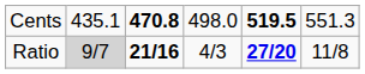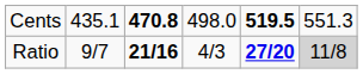 <table class="wikitable" style="text-align:center;">
 <tr>
 <td>Cents</td>
 <td>435.1</td>
 <td><strong>470.8</strong></td>
 <td>498.0</td>
 <td><strong>519.5</strong></td>
 <td>551.3</td>
 </tr>
 <tr>
 <td>Ratio</td>
-<td style="background: lightgrey;">9/7</td>
+<td>9/7</td>
 <td><strong>21/16</strong></td>
 <td>4/3</td>
 <td><strong><a href='#'>27/20</a></strong></td>
-<td>11/8</td>
+<td style="background: lightgrey;">11/8</td>
 </tr>
 </table>
